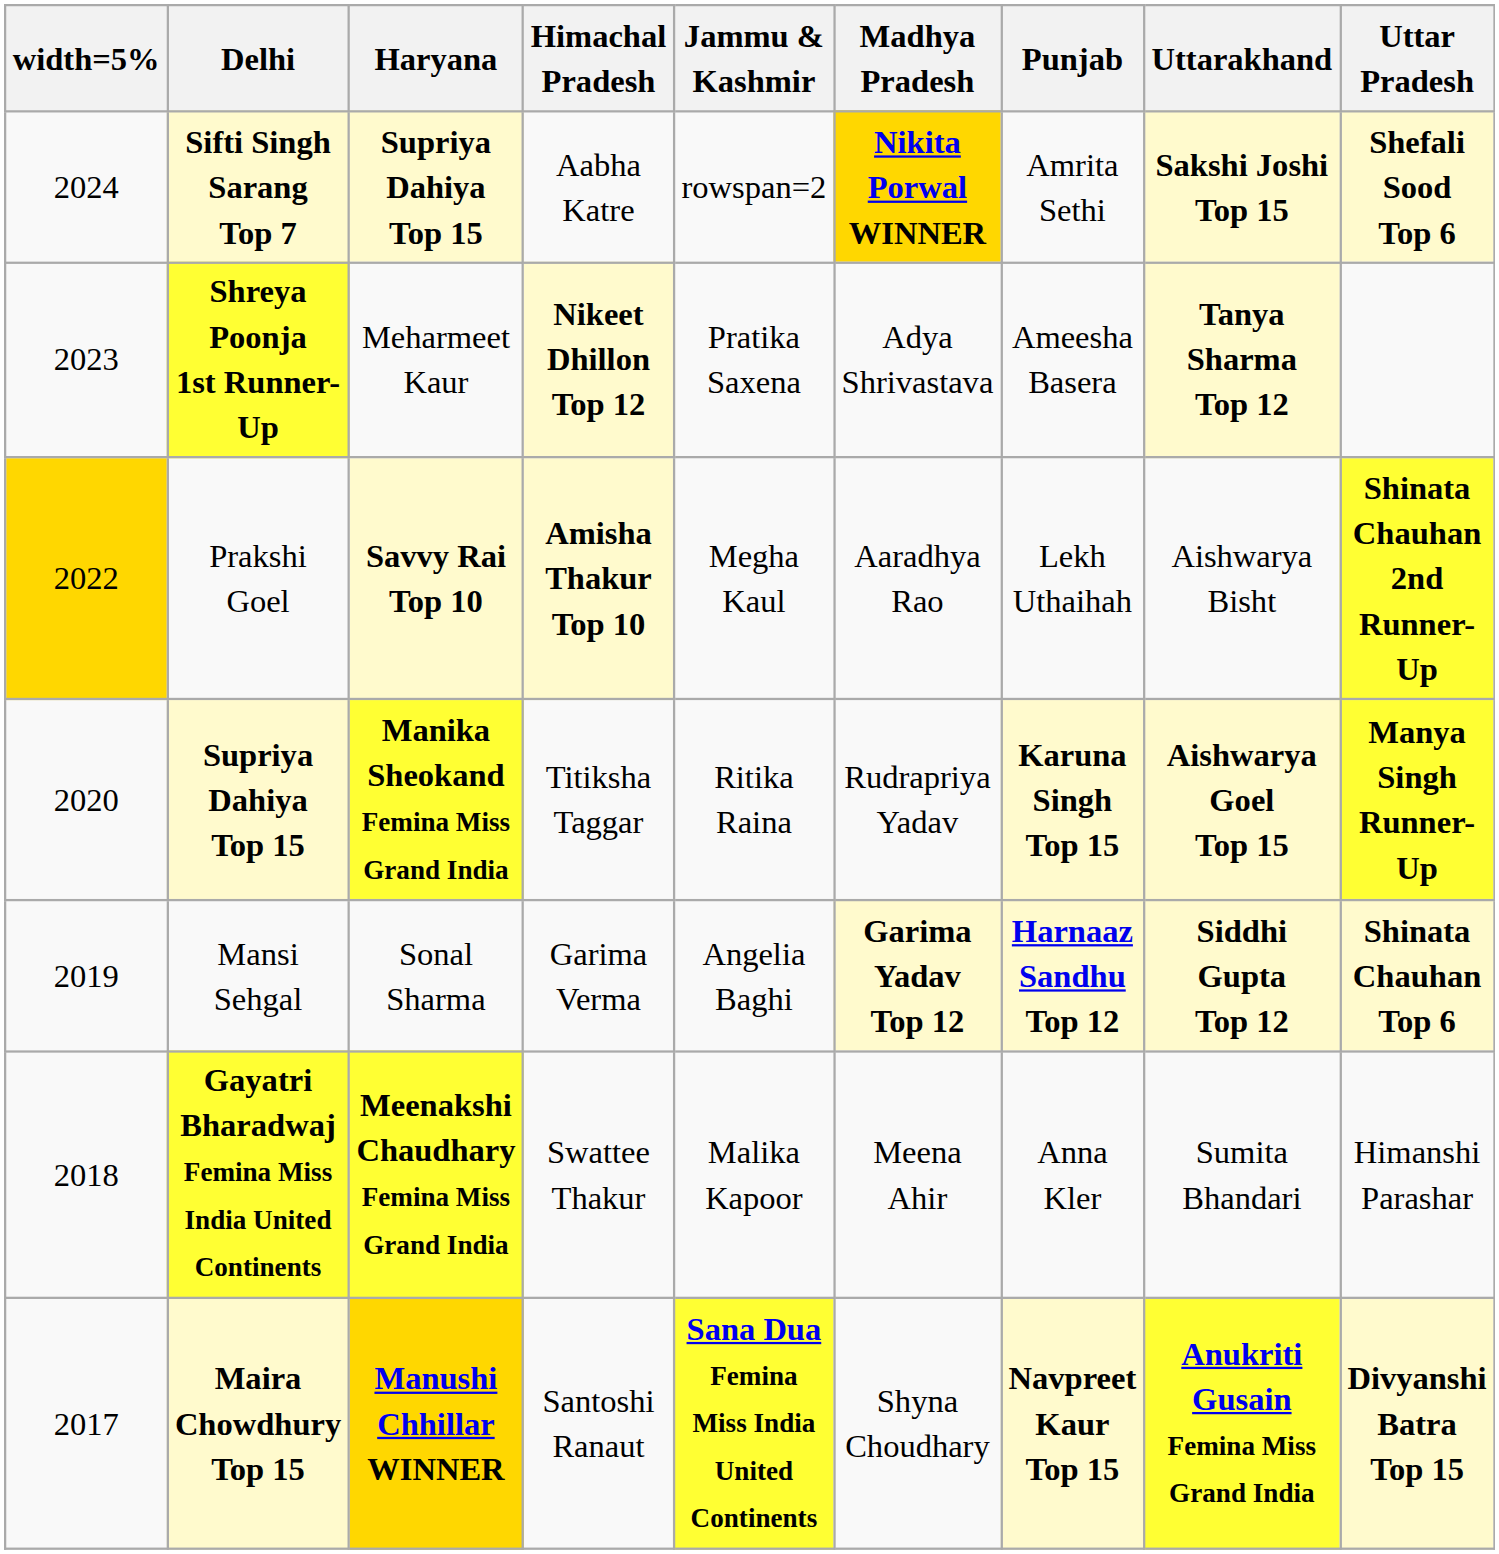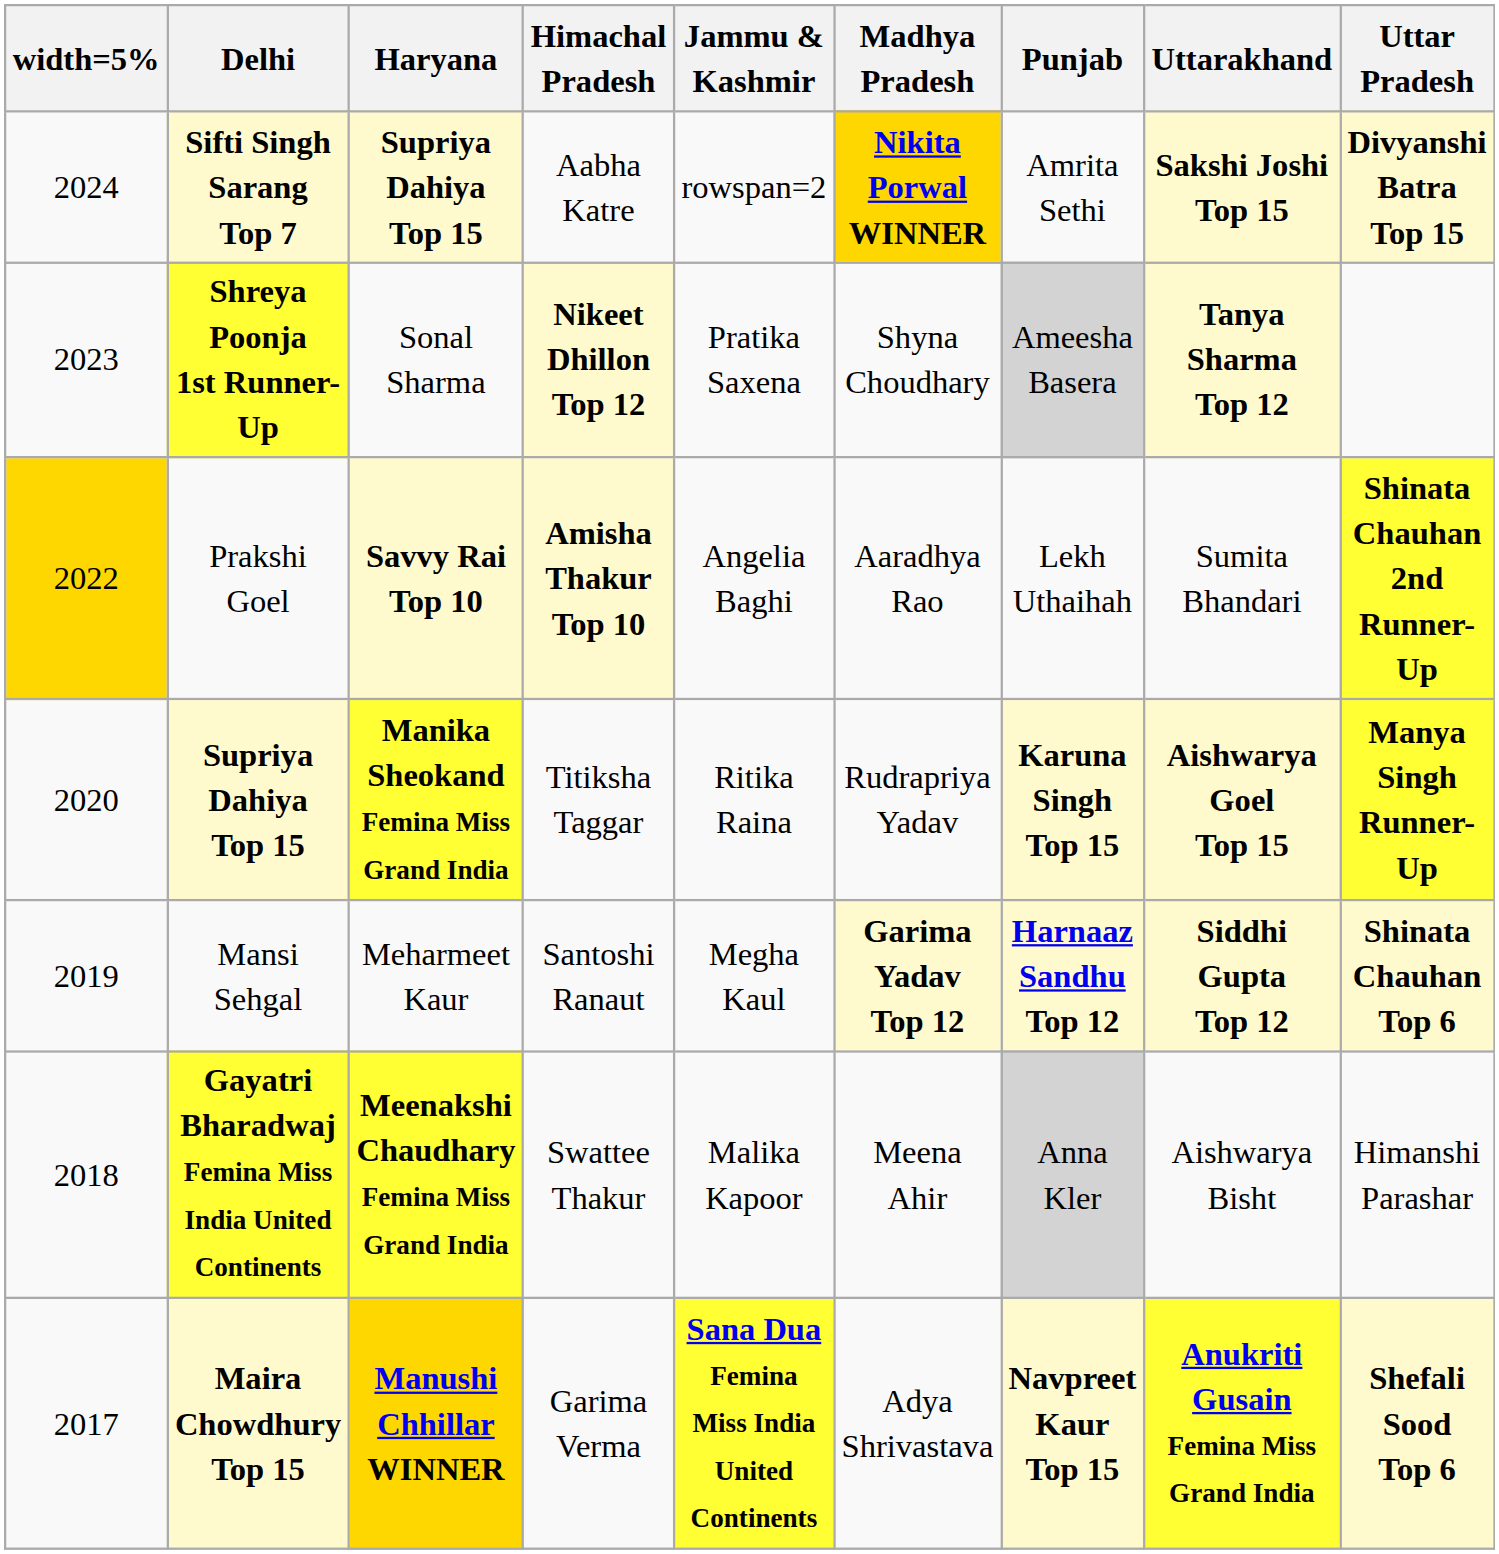 <table class="wikitable" style="text-align:center; line-height:20px; font-size:90%; width:100%;">
 <tr>
 <th>width=5%</th>
 <th width=11%>Delhi</th>
 <th width=11%>Haryana</th>
 <th width=11%>Himachal Pradesh</th>
 <th width=11%>Jammu & Kashmir</th>
 <th width=11%>Madhya Pradesh</th>
 <th width=11%>Punjab</th>
 <th width=11%>Uttarakhand</th>
 <th width=11%>Uttar Pradesh</th>
 </tr>
 <tr>
 <td>2024</td>
 <td style="background:#FFFACD;"><strong>Sifti Singh Sarang<br>Top 7</strong></td>
 <td style="background:#FFFACD;"><strong>Supriya Dahiya<br>Top 15</strong></td>
 <td>Aabha Katre</td>
 <td>rowspan=2 </td>
 <td style="background:gold;"><strong><a href='#'>Nikita Porwal</a><br>WINNER</strong></td>
 <td>Amrita Sethi</td>
 <td style="background:#FFFACD;"><strong>Sakshi Joshi<br>Top 15</strong></td>
-<td style="background:#FFFACD;"><strong>Shefali Sood<br>Top 6</strong></td>
+<td style="background:#FFFACD;"><strong>Divyanshi Batra<br>Top 15</strong></td>
 </tr>
 <tr>
 <td>2023</td>
 <td style="background:#FFFF33;"><strong>Shreya Poonja<br>1st Runner-Up</strong></td>
-<td>Meharmeet Kaur</td>
+<td>Sonal Sharma</td>
 <td style="background:#FFFACD;"><strong>Nikeet Dhillon<br>Top 12</strong></td>
 <td>Pratika Saxena</td>
-<td>Adya Shrivastava</td>
-<td>Ameesha Basera</td>
+<td>Shyna Choudhary</td>
+<td style="background: lightgrey;">Ameesha Basera</td>
 <td style="background:#FFFACD;"><strong>Tanya Sharma<br>Top 12</strong></td>
 </tr>
 <tr>
 <td style="background: gold;">2022</td>
 <td>Prakshi Goel</td>
 <td style="background:#FFFACD;"><strong>Savvy Rai<br>Top 10</strong></td>
 <td style="background:#FFFACD;"><strong>Amisha Thakur<br>Top 10</strong></td>
-<td>Megha Kaul</td>
+<td>Angelia Baghi</td>
 <td>Aaradhya Rao</td>
 <td>Lekh Uthaihah</td>
-<td>Aishwarya Bisht</td>
+<td>Sumita Bhandari</td>
 <td style="background:#FFFF33;"><strong>Shinata Chauhan<br>2nd Runner-Up</strong></td>
 </tr>
 <tr>
 <td>2020</td>
 <td style="background:#FFFACD;"><strong>Supriya Dahiya<br>Top 15</strong></td>
 <td style="background:#FFFF33;"><strong>Manika Sheokand<br><small>Femina Miss Grand India</small></strong></td>
 <td>Titiksha Taggar</td>
 <td>Ritika Raina</td>
 <td>Rudrapriya Yadav</td>
 <td style="background:#FFFACD;"><strong>Karuna Singh<br>Top 15</strong></td>
 <td style="background:#FFFACD;"><strong>Aishwarya Goel<br>Top 15</strong></td>
 <td style="background:#FFFF33;"><strong>Manya Singh<br>Runner-Up</strong></td>
 </tr>
 <tr>
 <td>2019</td>
 <td>Mansi Sehgal</td>
-<td>Sonal Sharma</td>
-<td>Garima Verma</td>
-<td>Angelia Baghi</td>
+<td>Meharmeet Kaur</td>
+<td>Santoshi Ranaut</td>
+<td>Megha Kaul</td>
 <td style="background:#FFFACD;"><strong>Garima Yadav<br>Top 12</strong></td>
 <td style="background:#FFFACD;"><strong><a href='#'>Harnaaz Sandhu</a><br>Top 12</strong></td>
 <td style="background:#FFFACD;"><strong>Siddhi Gupta<br>Top 12</strong></td>
 <td style="background:#FFFACD;"><strong>Shinata Chauhan<br>Top 6</strong></td>
 </tr>
 <tr>
 <td>2018</td>
 <td style="background:#FFFF33;"><strong>Gayatri Bharadwaj<br><small>Femina Miss India United Continents</small></strong></td>
 <td style="background:#FFFF33;"><strong>Meenakshi Chaudhary<br><small>Femina Miss Grand India</small></strong></td>
 <td>Swattee Thakur</td>
 <td>Malika Kapoor</td>
 <td>Meena Ahir</td>
-<td>Anna Kler</td>
-<td>Sumita Bhandari</td>
+<td style="background: lightgrey;">Anna Kler</td>
+<td>Aishwarya Bisht</td>
 <td>Himanshi Parashar</td>
 </tr>
 <tr>
 <td>2017</td>
 <td style="background:#FFFACD;"><strong>Maira Chowdhury<br>Top 15</strong></td>
 <td style="background:gold;"><strong><a href='#'>Manushi Chhillar</a><br>WINNER</strong></td>
-<td>Santoshi Ranaut</td>
+<td>Garima Verma</td>
 <td style="background:#FFFF33;"><strong><a href='#'>Sana Dua</a><br><small>Femina Miss India United Continents</small></strong></td>
-<td>Shyna Choudhary</td>
+<td>Adya Shrivastava</td>
 <td style="background:#FFFACD;"><strong>Navpreet Kaur<br>Top 15</strong></td>
 <td style="background:#FFFF33;"><strong><a href='#'>Anukriti Gusain</a><br><small>Femina Miss Grand India</small></strong></td>
-<td style="background:#FFFACD;"><strong>Divyanshi Batra<br>Top 15</strong></td>
+<td style="background:#FFFACD;"><strong>Shefali Sood<br>Top 6</strong></td>
 </tr>
 </table>
